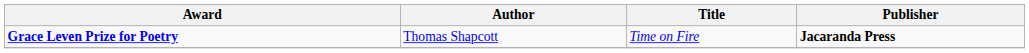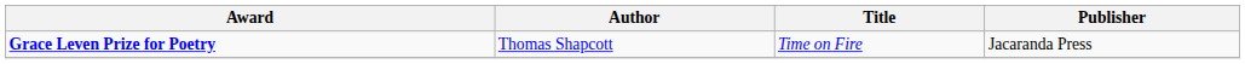 <table class="wikitable" width=95%>
 <tr>
 <th>Award</th>
 <th>Author</th>
 <th>Title</th>
 <th>Publisher</th>
 </tr>
 <tr>
 <td><strong><a href='#'>Grace Leven Prize for Poetry</a></strong></td>
 <td><a href='#'>Thomas Shapcott</a></td>
 <td><em><a href='#'>Time on Fire</a></em></td>
-<td><strong>Jacaranda Press</strong></td>
+<td>Jacaranda Press</td>
 </tr>
 <tr>
 </tr>
 </table>
